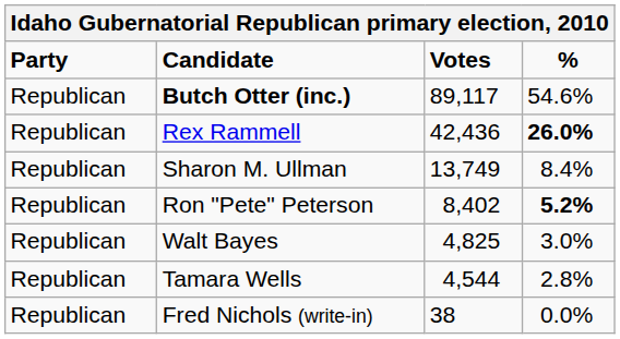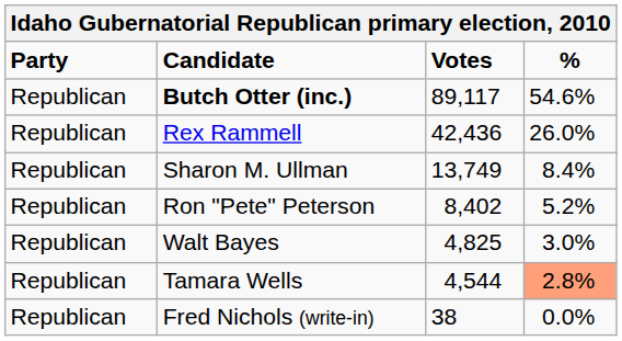 <table class="wikitable">
 <tr>
 <th colspan="4">Idaho Gubernatorial Republican primary election, 2010</th>
 </tr>
 <tr>
 <td><strong>Party</strong></td>
 <td><strong>Candidate</strong></td>
 <td><strong>Votes</strong></td>
 <td align=center><strong>%</strong></td>
 </tr>
 <tr>
 <td>Republican</td>
 <td><strong>Butch Otter (inc.)</strong></td>
 <td>89,117</td>
 <td>54.6%</td>
 </tr>
 <tr>
 <td>Republican</td>
 <td><a href='#'>Rex Rammell</a></td>
 <td>42,436</td>
-<td><strong>26.0%</strong></td>
+<td>26.0%</td>
 </tr>
 <tr>
 <td>Republican</td>
 <td>Sharon M. Ullman</td>
 <td>13,749</td>
 <td>  8.4%</td>
 </tr>
 <tr>
 <td>Republican</td>
 <td>Ron "Pete" Peterson</td>
 <td>  8,402</td>
-<td><strong>  5.2%</strong></td>
+<td>  5.2%</td>
 </tr>
 <tr>
 <td>Republican</td>
 <td>Walt Bayes</td>
 <td>  4,825</td>
 <td>  3.0%</td>
 </tr>
 <tr>
 <td>Republican</td>
 <td>Tamara Wells</td>
 <td>  4,544</td>
-<td>  2.8%</td>
+<td style="background: lightsalmon;">  2.8%</td>
 </tr>
 <tr>
 <td>Republican</td>
 <td>Fred Nichols <small>(write-in)</small></td>
 <td>38</td>
 <td>  0.0%</td>
 </tr>
 </table>
